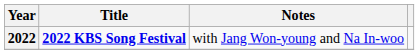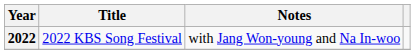 <table class="wikitable  plainrowheaders">
 <tr>
 <th scope="col">Year</th>
 <th scope="col">Title</th>
 <th scope="col">Notes</th>
 <th scope="col" class="unsortable"></th>
 </tr>
 <tr>
 <th scope="row">2022</th>
-<td><strong><a href='#'>2022 KBS Song Festival</a></strong></td>
+<td><a href='#'>2022 KBS Song Festival</a></td>
 <td>with <a href='#'>Jang Won-young</a> and <a href='#'>Na In-woo</a></td>
 <td></td>
 </tr>
 <tr>
 </tr>
 </table>
